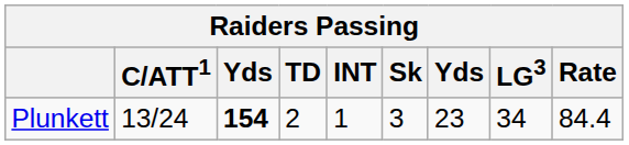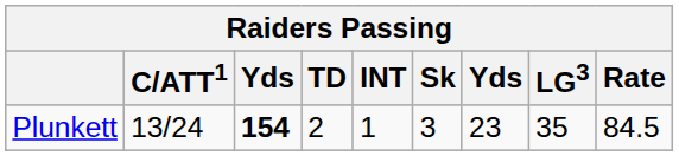 <table class="wikitable">
 <tr>
 <th colspan="9">Raiders Passing</th>
 </tr>
 <tr>
 <th></th>
 <th>C/ATT<sup>1</sup></th>
 <th>Yds</th>
 <th>TD</th>
 <th>INT</th>
 <th>Sk</th>
 <th>Yds</th>
 <th>LG<sup>3</sup></th>
 <th>Rate</th>
 </tr>
 <tr>
 <td><a href='#'>Plunkett</a></td>
 <td>13/24</td>
 <td><strong>154</strong></td>
 <td>2</td>
 <td>1</td>
 <td>3</td>
 <td>23</td>
-<td>34</td>
-<td>84.4</td>
+<td>35</td>
+<td>84.5</td>
 </tr>
 </table>
